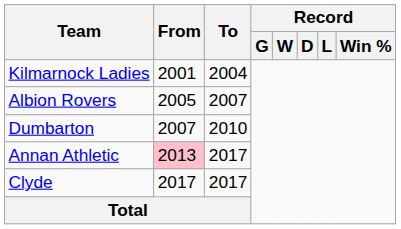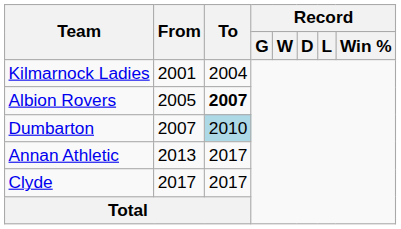 <table class="wikitable" style="text-align: center">
 <tr>
 <th rowspan="2">Team</th>
 <th rowspan="2">From</th>
 <th rowspan="2">To</th>
 <th colspan="5">Record</th>
 </tr>
 <tr>
 <th>G</th>
 <th>W</th>
 <th>D</th>
 <th>L</th>
 <th>Win %</th>
 </tr>
 <tr>
 <td align=left><a href='#'>Kilmarnock Ladies</a></td>
 <td align=left>2001</td>
 <td align=left>2004<br></td>
 </tr>
 <tr>
 <td align=left><a href='#'>Albion Rovers</a></td>
 <td align=left>2005</td>
-<td align=left>2007<br></td>
+<td align=left><strong>2007<br></strong></td>
 </tr>
 <tr>
 <td align=left><a href='#'>Dumbarton</a></td>
 <td align=left>2007</td>
-<td align=left>2010<br></td>
+<td align=left style="background: lightblue;">2010<br></td>
 </tr>
 <tr>
 <td align=left><a href='#'>Annan Athletic</a></td>
-<td align=left style="background: pink;">2013</td>
+<td align=left>2013</td>
 <td align=left>2017<br></td>
 </tr>
 <tr>
 <td align=left><a href='#'>Clyde</a></td>
 <td align=left>2017</td>
 <td align=left>2017<br></td>
 </tr>
 <tr>
 <th colspan=3>Total<br></th>
 </tr>
 </table>
